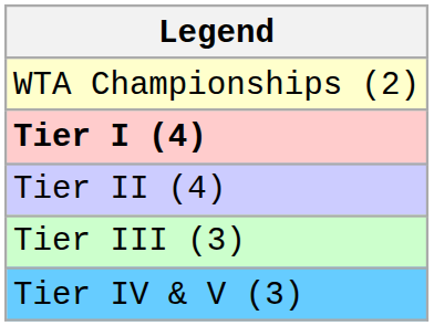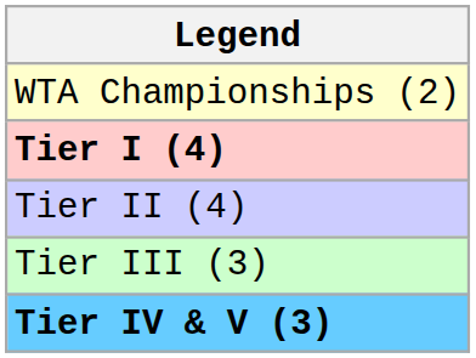 <table class="wikitable sortable">
 <tr>
 <th>Legend</th>
 </tr>
 <tr style="background:#ffc;">
 <td>WTA Championships (2)</td>
 </tr>
 <tr style="background:#fcc;">
 <td><strong>Tier I (4)</strong></td>
 </tr>
 <tr style="background:#ccf;">
 <td>Tier II (4)</td>
 </tr>
 <tr style="background:#cfc;">
 <td>Tier III (3)</td>
 </tr>
 <tr style="background:#6cf;">
-<td>Tier IV & V (3)</td>
+<td><strong>Tier IV & V (3)</strong></td>
 </tr>
 </table>
